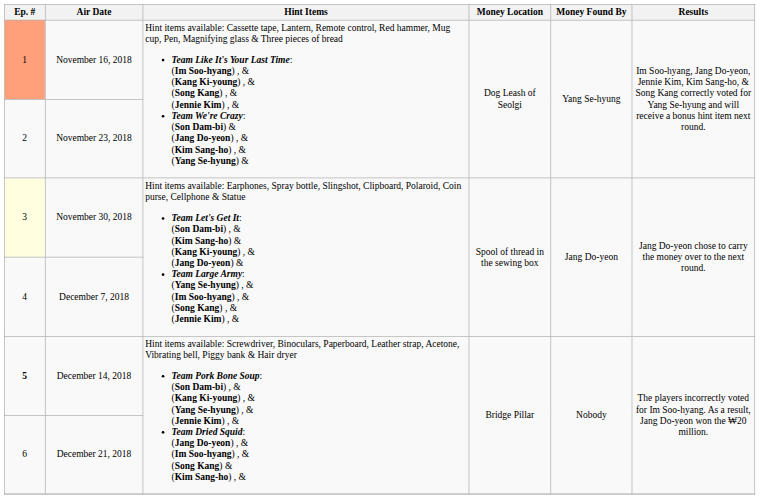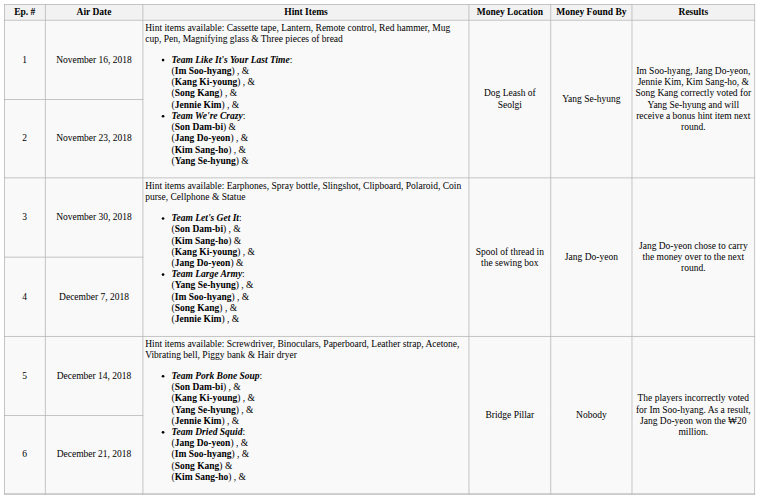 <table class="wikitable" style="text-align:center; font-size:90%;width:90%">
 <tr>
 <th style=width:5%>Ep. #</th>
 <th style=width:12%>Air Date</th>
 <th style=width:40%>Hint Items</th>
 <th style=width:10%>Money Location</th>
 <th style=width:10%>Money Found By</th>
 <th style=width:15%>Results</th>
 </tr>
 <tr>
-<td style="background: lightsalmon;">1</td>
+<td>1</td>
 <td>November 16, 2018</td>
 <td rowspan=2 style=text-align:left>Hint items available: Cassette tape, Lantern, Remote control, Red hammer, Mug cup, Pen, Magnifying glass & Three pieces of bread<br><ul><li><strong><em>Team Like It's Your Last Time</em></strong>:<br>(<strong>Im Soo-hyang</strong>) <strong></strong>,  & <br>(<strong>Kang Ki-young</strong>)  <strong></strong>,  & <br>(<strong>Song Kang</strong>) <strong></strong>,  & <br>(<strong>Jennie Kim</strong>) <strong></strong>,  & </li><li><strong><em>Team We're Crazy</em></strong>:<br>(<strong>Son Dam-bi</strong>) <strong></strong> & <br>(<strong>Jang Do-yeon</strong>) <strong></strong>,  & <br>(<strong>Kim Sang-ho</strong>) <strong></strong>,  & <br>(<strong>Yang Se-hyung</strong>) <strong></strong> & </li></ul></td>
 <td rowspan="2">Dog Leash of Seolgi</td>
 <td rowspan="2">Yang Se-hyung</td>
 <td rowspan="2">Im Soo-hyang, Jang Do-yeon, Jennie Kim, Kim Sang-ho, & Song Kang correctly voted for Yang Se-hyung and will receive a bonus hint item next round.</td>
 </tr>
 <tr>
 <td>2</td>
 <td>November 23, 2018</td>
 </tr>
 <tr>
-<td style="background: lightyellow;">3</td>
+<td>3</td>
 <td>November 30, 2018</td>
 <td rowspan=2 style=text-align:left>Hint items available: Earphones, Spray bottle, Slingshot, Clipboard, Polaroid, Coin purse, Cellphone & Statue<br><ul><li><strong><em>Team Let's Get It</em></strong>:<br>(<strong>Son Dam-bi</strong>) <strong></strong>,  & <br>(<strong>Kim Sang-ho</strong>) <strong></strong> & <br>(<strong>Kang Ki-young</strong>) <strong></strong>,   & <br>(<strong>Jang Do-yeon</strong>) <strong></strong> & </li><li><strong><em>Team Large Army</em></strong>:<br>(<strong>Yang Se-hyung</strong>) <strong></strong>,  & <br>(<strong>Im Soo-hyang</strong>) <strong></strong>,  & <br>(<strong>Song Kang</strong>) <strong></strong>,  & <br>(<strong>Jennie Kim</strong>) <strong></strong>,  & </li></ul></td>
 <td rowspan="2">Spool of thread in the sewing box</td>
 <td rowspan="2">Jang Do-yeon</td>
 <td rowspan="2">Jang Do-yeon chose to carry the money over to the next round.</td>
 </tr>
 <tr>
 <td>4</td>
 <td>December 7, 2018</td>
 </tr>
 <tr>
-<td><strong>5</strong></td>
+<td>5</td>
 <td>December 14, 2018</td>
 <td rowspan=2 style=text-align:left>Hint items available: Screwdriver, Binoculars, Paperboard, Leather strap, Acetone, Vibrating bell, Piggy bank & Hair dryer<br><ul><li><strong><em>Team Pork Bone Soup</em></strong>:<br>(<strong>Son Dam-bi</strong>) <strong></strong>,  & <br>(<strong>Kang Ki-young</strong>) <strong></strong>,  & <br>(<strong>Yang Se-hyung</strong>) <strong></strong>,  & <br>(<strong>Jennie Kim</strong>) <strong></strong>,  & </li><li><strong><em>Team Dried Squid</em></strong>:<br>(<strong>Jang Do-yeon</strong>) <strong></strong>,  &  <br>(<strong>Im Soo-hyang</strong>) <strong></strong>,  & <br>(<strong>Song Kang</strong>)  & <br>(<strong>Kim Sang-ho</strong>) <strong></strong>,  & </li></ul></td>
 <td rowspan="2">Bridge Pillar</td>
 <td rowspan="2">Nobody</td>
 <td rowspan="2">The players incorrectly voted for Im Soo-hyang. As a result, Jang Do-yeon won the ₩20 million.</td>
 </tr>
 <tr>
 <td>6</td>
 <td>December 21, 2018</td>
 </tr>
 <tr>
 </tr>
 </table>
